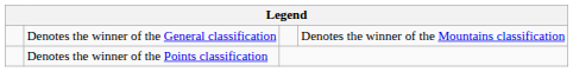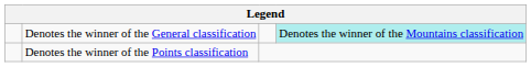 <table class="wikitable">
 <tr>
 <th colspan=4>Legend</th>
 </tr>
 <tr>
 <td>    </td>
 <td>Denotes the winner of the <a href='#'>General classification</a></td>
 <td>    </td>
-<td>Denotes the winner of the <a href='#'>Mountains classification</a></td>
+<td style="background: paleturquoise;">Denotes the winner of the <a href='#'>Mountains classification</a></td>
 </tr>
 <tr>
 <td>    </td>
 <td>Denotes the winner of the <a href='#'>Points classification</a></td>
 </tr>
 </table>
